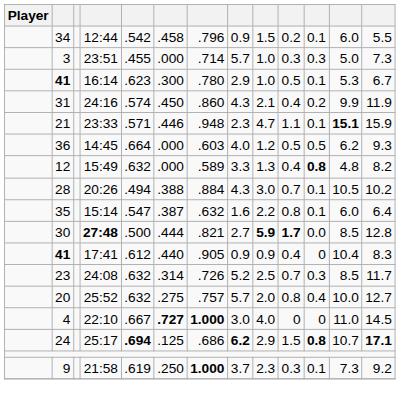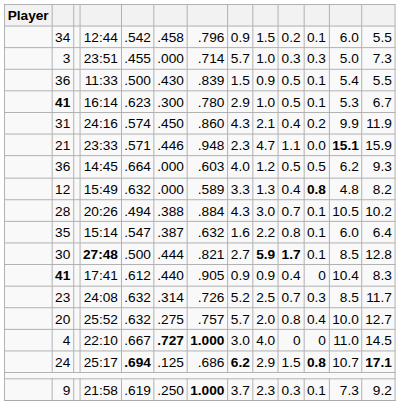 <table class="wikitable sortable" style="font-size:95%; text-align:right;">
 <tr>
 <th>Player</th>
 <th></th>
 <th></th>
 <th></th>
 <th></th>
 <th></th>
 <th></th>
 <th></th>
 <th></th>
 <th></th>
 <th></th>
 <th></th>
 <th></th>
 </tr>
 <tr>
 <td><strong></strong></td>
 <td>34</td>
 <td></td>
 <td>12:44</td>
 <td>.542</td>
 <td>.458</td>
 <td>.796</td>
 <td>0.9</td>
 <td>1.5</td>
 <td>0.2</td>
 <td>0.1</td>
 <td>6.0</td>
 <td>5.5</td>
 </tr>
 <tr>
 <td><strong></strong></td>
 <td>3</td>
 <td></td>
 <td>23:51</td>
 <td>.455</td>
 <td>.000</td>
 <td>.714</td>
 <td>5.7</td>
 <td>1.0</td>
 <td>0.3</td>
 <td>0.3</td>
 <td>5.0</td>
 <td>7.3</td>
 </tr>
 <tr>
 <td><strong></strong></td>
+<td>36</td>
+<td></td>
+<td>11:33</td>
+<td>.500</td>
+<td>.430</td>
+<td>.839</td>
+<td>1.5</td>
+<td>0.9</td>
+<td>0.5</td>
+<td>0.1</td>
+<td>5.4</td>
+<td>5.5</td>
+</tr>
+<tr>
+<td><strong></strong></td>
 <td><strong>41</strong></td>
 <td></td>
 <td>16:14</td>
 <td>.623</td>
 <td>.300</td>
 <td>.780</td>
 <td>2.9</td>
 <td>1.0</td>
 <td>0.5</td>
 <td>0.1</td>
 <td>5.3</td>
 <td>6.7</td>
 </tr>
 <tr>
 <td><strong></strong></td>
 <td>31</td>
 <td></td>
 <td>24:16</td>
 <td>.574</td>
 <td>.450</td>
 <td>.860</td>
 <td>4.3</td>
 <td>2.1</td>
 <td>0.4</td>
 <td>0.2</td>
 <td>9.9</td>
 <td>11.9</td>
 </tr>
 <tr>
 <td><strong></strong></td>
 <td>21</td>
 <td></td>
 <td>23:33</td>
 <td>.571</td>
 <td>.446</td>
 <td>.948</td>
 <td>2.3</td>
 <td>4.7</td>
 <td>1.1</td>
-<td>0.1</td>
+<td>0.0</td>
 <td><strong>15.1</strong></td>
 <td>15.9</td>
 </tr>
 <tr>
 <td><strong></strong></td>
 <td>36</td>
 <td></td>
 <td>14:45</td>
 <td>.664</td>
 <td>.000</td>
 <td>.603</td>
 <td>4.0</td>
 <td>1.2</td>
 <td>0.5</td>
 <td>0.5</td>
 <td>6.2</td>
 <td>9.3</td>
 </tr>
 <tr>
 <td><strong></strong></td>
 <td>12</td>
 <td></td>
 <td>15:49</td>
 <td>.632</td>
 <td>.000</td>
 <td>.589</td>
 <td>3.3</td>
 <td>1.3</td>
 <td>0.4</td>
 <td><strong>0.8</strong></td>
 <td>4.8</td>
 <td>8.2</td>
 </tr>
 <tr>
 <td><strong></strong></td>
 <td>28</td>
 <td></td>
 <td>20:26</td>
 <td>.494</td>
 <td>.388</td>
 <td>.884</td>
 <td>4.3</td>
 <td>3.0</td>
 <td>0.7</td>
 <td>0.1</td>
 <td>10.5</td>
 <td>10.2</td>
 </tr>
 <tr>
 <td><strong></strong></td>
 <td>35</td>
 <td></td>
 <td>15:14</td>
 <td>.547</td>
 <td>.387</td>
 <td>.632</td>
 <td>1.6</td>
 <td>2.2</td>
 <td>0.8</td>
 <td>0.1</td>
 <td>6.0</td>
 <td>6.4</td>
 </tr>
 <tr>
 <td><strong></strong></td>
 <td>30</td>
 <td></td>
 <td><strong>27:48</strong></td>
 <td>.500</td>
 <td>.444</td>
 <td>.821</td>
 <td>2.7</td>
 <td><strong>5.9</strong></td>
 <td><strong>1.7</strong></td>
-<td>0.0</td>
+<td>0.1</td>
 <td>8.5</td>
 <td>12.8</td>
 </tr>
 <tr>
 <td><strong></strong></td>
 <td><strong>41</strong></td>
 <td></td>
 <td>17:41</td>
 <td>.612</td>
 <td>.440</td>
 <td>.905</td>
 <td>0.9</td>
 <td>0.9</td>
 <td>0.4</td>
 <td>0</td>
 <td>10.4</td>
 <td>8.3</td>
 </tr>
 <tr>
 <td><strong></strong></td>
 <td>23</td>
 <td></td>
 <td>24:08</td>
 <td>.632</td>
 <td>.314</td>
 <td>.726</td>
 <td>5.2</td>
 <td>2.5</td>
 <td>0.7</td>
 <td>0.3</td>
 <td>8.5</td>
 <td>11.7</td>
 </tr>
 <tr>
 <td><strong></strong></td>
 <td>20</td>
 <td></td>
 <td>25:52</td>
 <td>.632</td>
 <td>.275</td>
 <td>.757</td>
 <td>5.7</td>
 <td>2.0</td>
 <td>0.8</td>
 <td>0.4</td>
 <td>10.0</td>
 <td>12.7</td>
 </tr>
 <tr>
 <td><strong></strong></td>
 <td>4</td>
 <td></td>
 <td>22:10</td>
 <td>.667</td>
 <td><strong>.727</strong></td>
 <td><strong>1.000</strong></td>
 <td>3.0</td>
 <td>4.0</td>
 <td>0</td>
 <td>0</td>
 <td>11.0</td>
 <td>14.5</td>
 </tr>
 <tr>
 <td><strong></strong></td>
 <td>24</td>
 <td></td>
 <td>25:17</td>
 <td><strong>.694</strong></td>
 <td>.125</td>
 <td>.686</td>
 <td><strong>6.2</strong></td>
 <td>2.9</td>
 <td>1.5</td>
 <td><strong>0.8</strong></td>
 <td>10.7</td>
 <td><strong>17.1</strong></td>
 </tr>
 <tr class="sortbottom">
 <td colspan=13></td>
 </tr>
 <tr>
 <td><em></em></td>
 <td>9</td>
 <td></td>
 <td>21:58</td>
 <td>.619</td>
 <td>.250</td>
 <td><strong>1.000</strong></td>
 <td>3.7</td>
 <td>2.3</td>
 <td>0.3</td>
 <td>0.1</td>
 <td>7.3</td>
 <td>9.2</td>
 </tr>
 <tr>
 </tr>
 </table>
